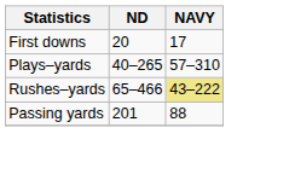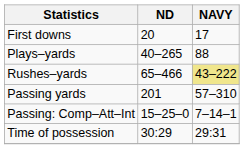 <table class="wikitable" style="float: left;">
 <tr>
 <th>Statistics</th>
 <th>ND</th>
 <th>NAVY</th>
 </tr>
 <tr>
 <td>First downs</td>
 <td>20</td>
 <td>17</td>
 </tr>
 <tr>
 <td>Plays–yards</td>
 <td>40–265</td>
-<td>57–310</td>
+<td>88</td>
 </tr>
 <tr>
 <td>Rushes–yards</td>
 <td>65–466</td>
 <td style="background: khaki;">43–222</td>
 </tr>
 <tr>
 <td>Passing yards</td>
 <td>201</td>
-<td>88</td>
+<td>57–310</td>
+</tr>
+<tr>
+<td>Passing: Comp–Att–Int</td>
+<td>15–25–0</td>
+<td>7–14–1</td>
+</tr>
+<tr>
+<td>Time of possession</td>
+<td>30:29</td>
+<td>29:31</td>
 </tr>
 <tr>
 </tr>
 </table>
